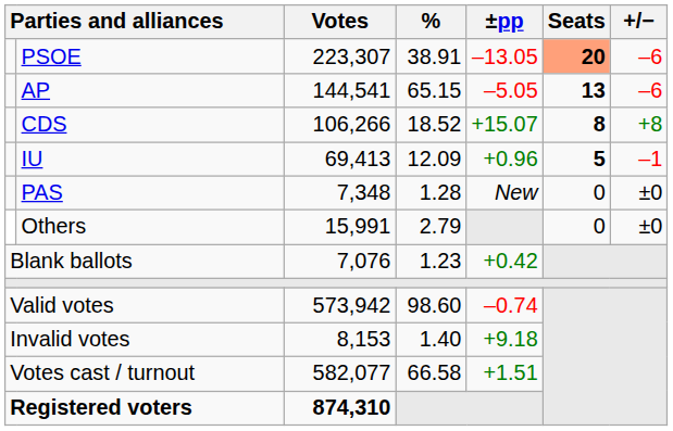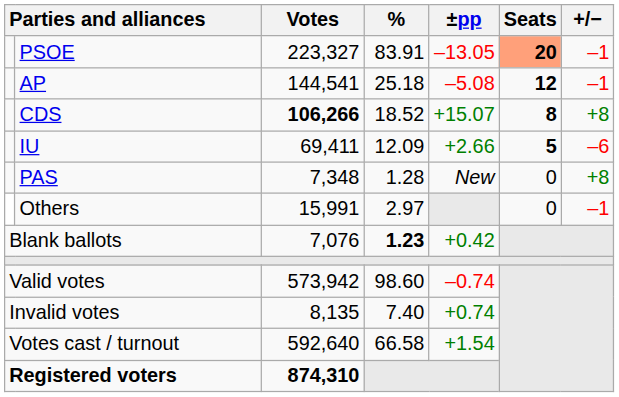 <table class="wikitable" style="text-align:right;">
 <tr>
 <th style="text-align:left;" colspan="2" width="200">Parties and alliances</th>
 <th width="75">Votes</th>
 <th width="45">%</th>
 <th width="45">±<a href='#'>pp</a></th>
 <th width="35">Seats</th>
 <th width="35">+/−</th>
 </tr>
 <tr>
 <td width="1" style="color:inherit;background:"></td>
 <td align="left"><a href='#'>PSOE</a></td>
-<td>223,307</td>
-<td>38.91</td>
+<td>223,327</td>
+<td>83.91</td>
 <td style="color:red;">–13.05</td>
 <td style="background: lightsalmon;"><strong>20</strong></td>
-<td style="color:red;">–6</td>
+<td style="color:red;">–1</td>
 </tr>
 <tr>
 <td style="color:inherit;background:"></td>
 <td align="left"><a href='#'>AP</a></td>
 <td>144,541</td>
-<td>65.15</td>
-<td style="color:red;">–5.05</td>
-<td><strong>13</strong></td>
-<td style="color:red;">–6</td>
+<td>25.18</td>
+<td style="color:red;">–5.08</td>
+<td><strong>12</strong></td>
+<td style="color:red;">–1</td>
 </tr>
 <tr>
 <td style="color:inherit;background:"></td>
 <td align="left"><a href='#'>CDS</a></td>
-<td>106,266</td>
+<td><strong>106,266</strong></td>
 <td>18.52</td>
 <td style="color:green;">+15.07</td>
 <td><strong>8</strong></td>
 <td style="color:green;">+8</td>
 </tr>
 <tr>
 <td style="color:inherit;background:"></td>
 <td align="left"><a href='#'>IU</a></td>
-<td>69,413</td>
+<td>69,411</td>
 <td>12.09</td>
-<td style="color:green;">+0.96</td>
+<td style="color:green;">+2.66</td>
 <td><strong>5</strong></td>
-<td style="color:red;">–1</td>
+<td style="color:red;">–6</td>
 </tr>
 <tr>
 <td style="color:inherit;background:"></td>
 <td align="left"><a href='#'>PAS</a></td>
 <td>7,348</td>
 <td>1.28</td>
 <td><em>New</em></td>
 <td>0</td>
-<td>±0</td>
+<td style="color:green;">+8</td>
 </tr>
 <tr>
 <td bgcolor="white"></td>
 <td align="left">Others</td>
 <td>15,991</td>
-<td>2.79</td>
+<td>2.97</td>
 <td bgcolor="#E9E9E9"></td>
 <td>0</td>
-<td>±0</td>
+<td style="color:red;">–1</td>
 </tr>
 <tr>
 <td align="left" colspan="2">Blank ballots</td>
 <td>7,076</td>
-<td>1.23</td>
+<td><strong>1.23</strong></td>
 <td style="color:green;">+0.42</td>
 <td bgcolor="#E9E9E9" colspan="2"></td>
 </tr>
 <tr>
 <td colspan="7" bgcolor="#E9E9E9"></td>
 </tr>
 <tr>
 <td align="left" colspan="2">Valid votes</td>
 <td>573,942</td>
 <td>98.60</td>
 <td style="color:red;">–0.74</td>
 <td bgcolor="#E9E9E9" colspan="2" rowspan="4"></td>
 </tr>
 <tr>
 <td align="left" colspan="2">Invalid votes</td>
-<td>8,153</td>
-<td>1.40</td>
-<td style="color:green;">+9.18</td>
+<td>8,135</td>
+<td>7.40</td>
+<td style="color:green;">+0.74</td>
 </tr>
 <tr>
 <td align="left" colspan="2">Votes cast / turnout</td>
-<td>582,077</td>
+<td>592,640</td>
 <td>66.58</td>
-<td style="color:green;">+1.51</td>
+<td style="color:green;">+1.54</td>
 </tr>
 <tr style="font-weight:bold;">
 <td align="left" colspan="2">Registered voters</td>
 <td>874,310</td>
 <td bgcolor="#E9E9E9" colspan="2"></td>
 </tr>
 </table>
